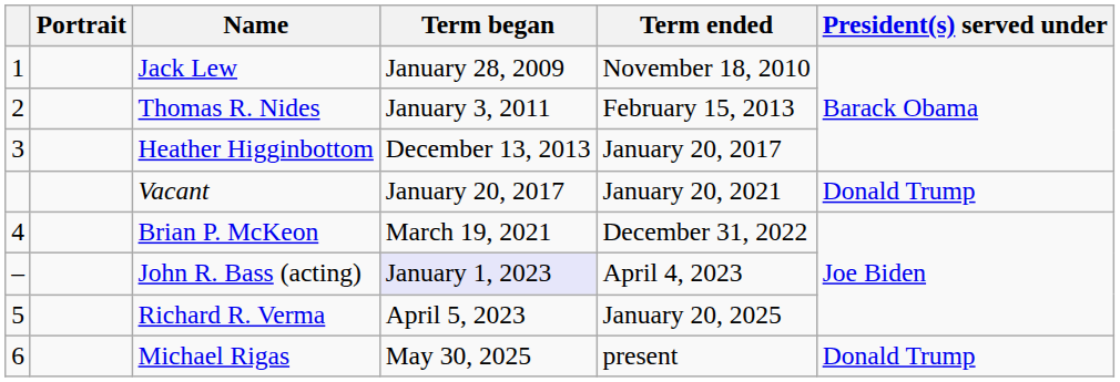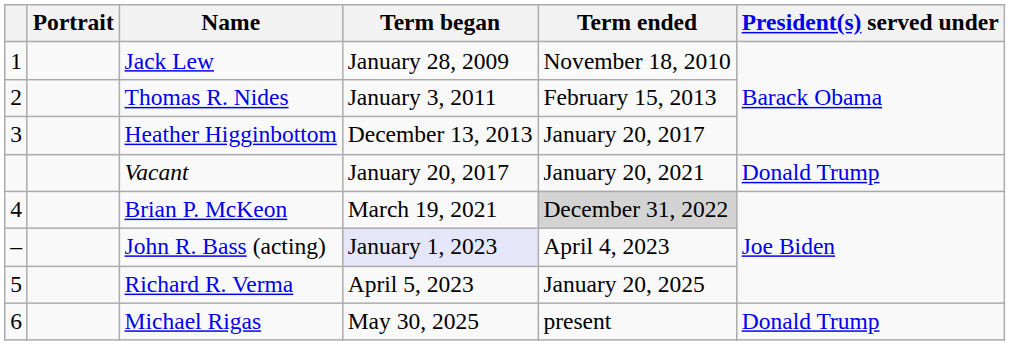 <table class="wikitable">
 <tr>
 <th></th>
 <th>Portrait</th>
 <th>Name</th>
 <th>Term began</th>
 <th>Term ended</th>
 <th><a href='#'>President(s)</a> served under</th>
 </tr>
 <tr>
 <td>1</td>
 <td></td>
 <td><a href='#'>Jack Lew</a></td>
 <td>January 28, 2009</td>
 <td>November 18, 2010</td>
 <td rowspan=3><a href='#'>Barack Obama</a></td>
 </tr>
 <tr>
 <td>2</td>
 <td></td>
 <td><a href='#'>Thomas R. Nides</a></td>
 <td>January 3, 2011</td>
 <td>February 15, 2013</td>
 </tr>
 <tr>
 <td>3</td>
 <td></td>
 <td><a href='#'>Heather Higginbottom</a></td>
 <td>December 13, 2013</td>
 <td>January 20, 2017</td>
 </tr>
 <tr>
 <td></td>
 <td></td>
 <td><em>Vacant</em></td>
 <td>January 20, 2017</td>
 <td>January 20, 2021</td>
 <td><a href='#'>Donald Trump</a></td>
 </tr>
 <tr>
 <td>4</td>
 <td></td>
 <td><a href='#'>Brian P. McKeon</a></td>
 <td>March 19, 2021</td>
-<td>December 31, 2022</td>
+<td style="background: lightgrey;">December 31, 2022</td>
 <td rowspan="3"><a href='#'>Joe Biden</a></td>
 </tr>
 <tr>
 <td>–</td>
 <td></td>
 <td><a href='#'>John R. Bass</a> (acting)</td>
 <td style="background: lavender;">January 1, 2023</td>
 <td>April 4, 2023</td>
 </tr>
 <tr>
 <td>5</td>
 <td></td>
 <td><a href='#'>Richard R. Verma</a></td>
 <td>April 5, 2023</td>
 <td>January 20, 2025</td>
 </tr>
 <tr>
 <td>6</td>
 <td></td>
 <td><a href='#'>Michael Rigas</a></td>
 <td>May 30, 2025</td>
 <td>present</td>
 <td><a href='#'>Donald Trump</a></td>
 </tr>
 </table>
